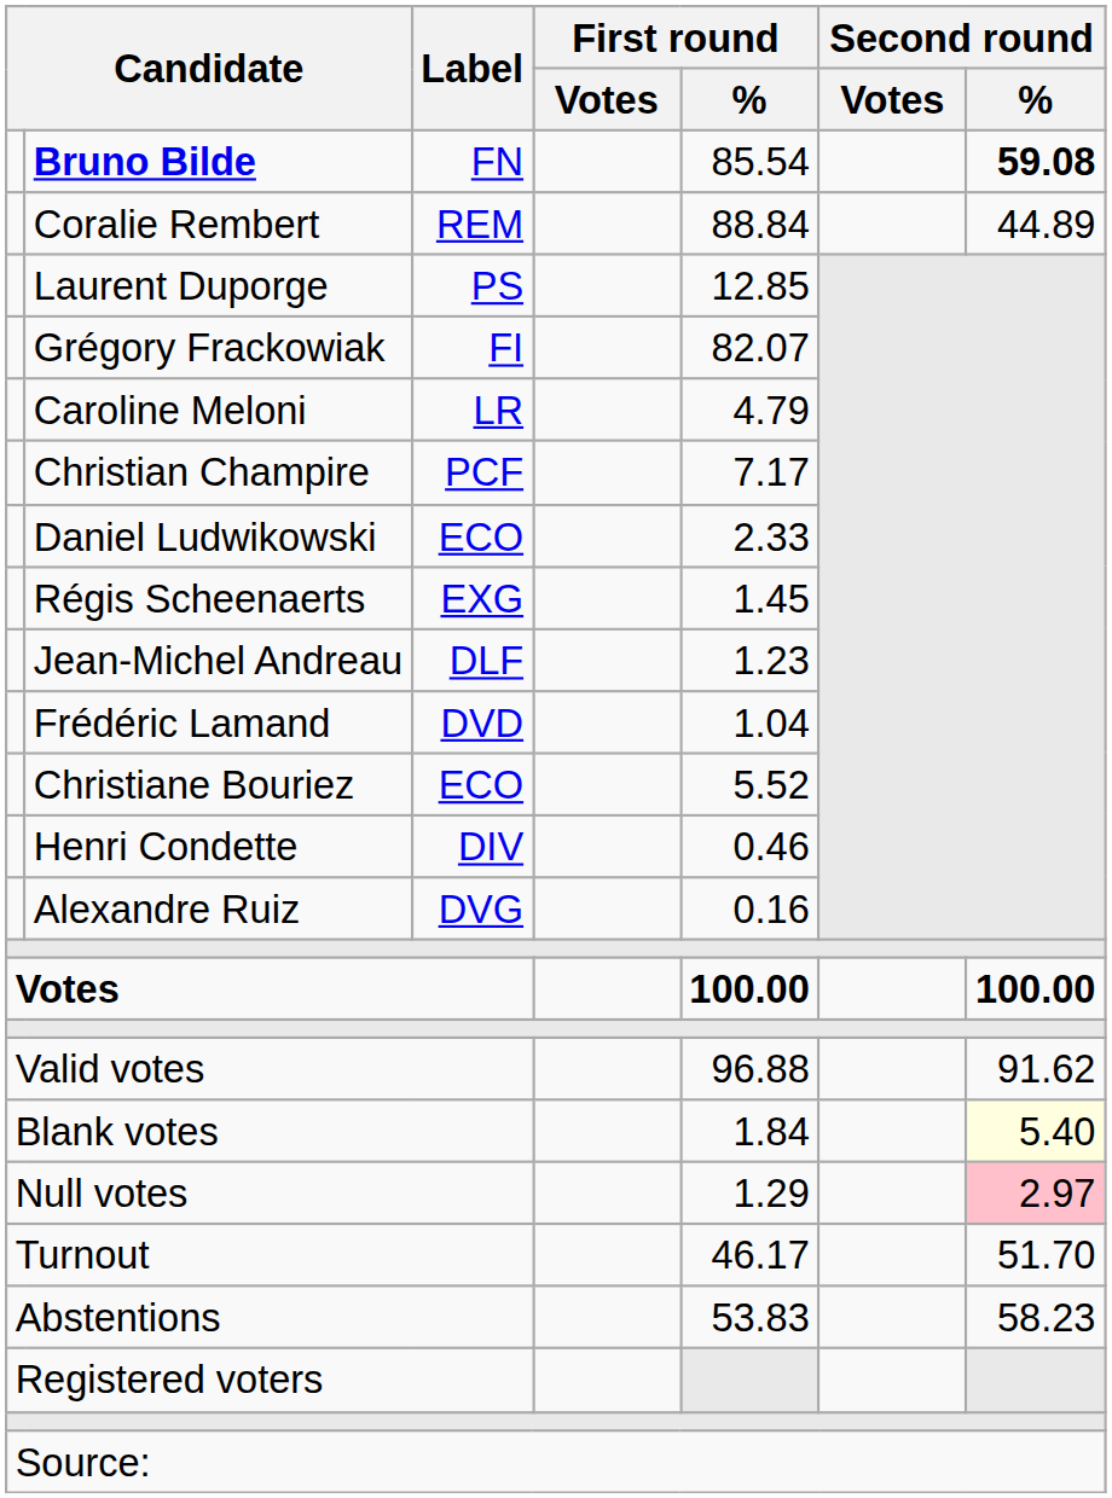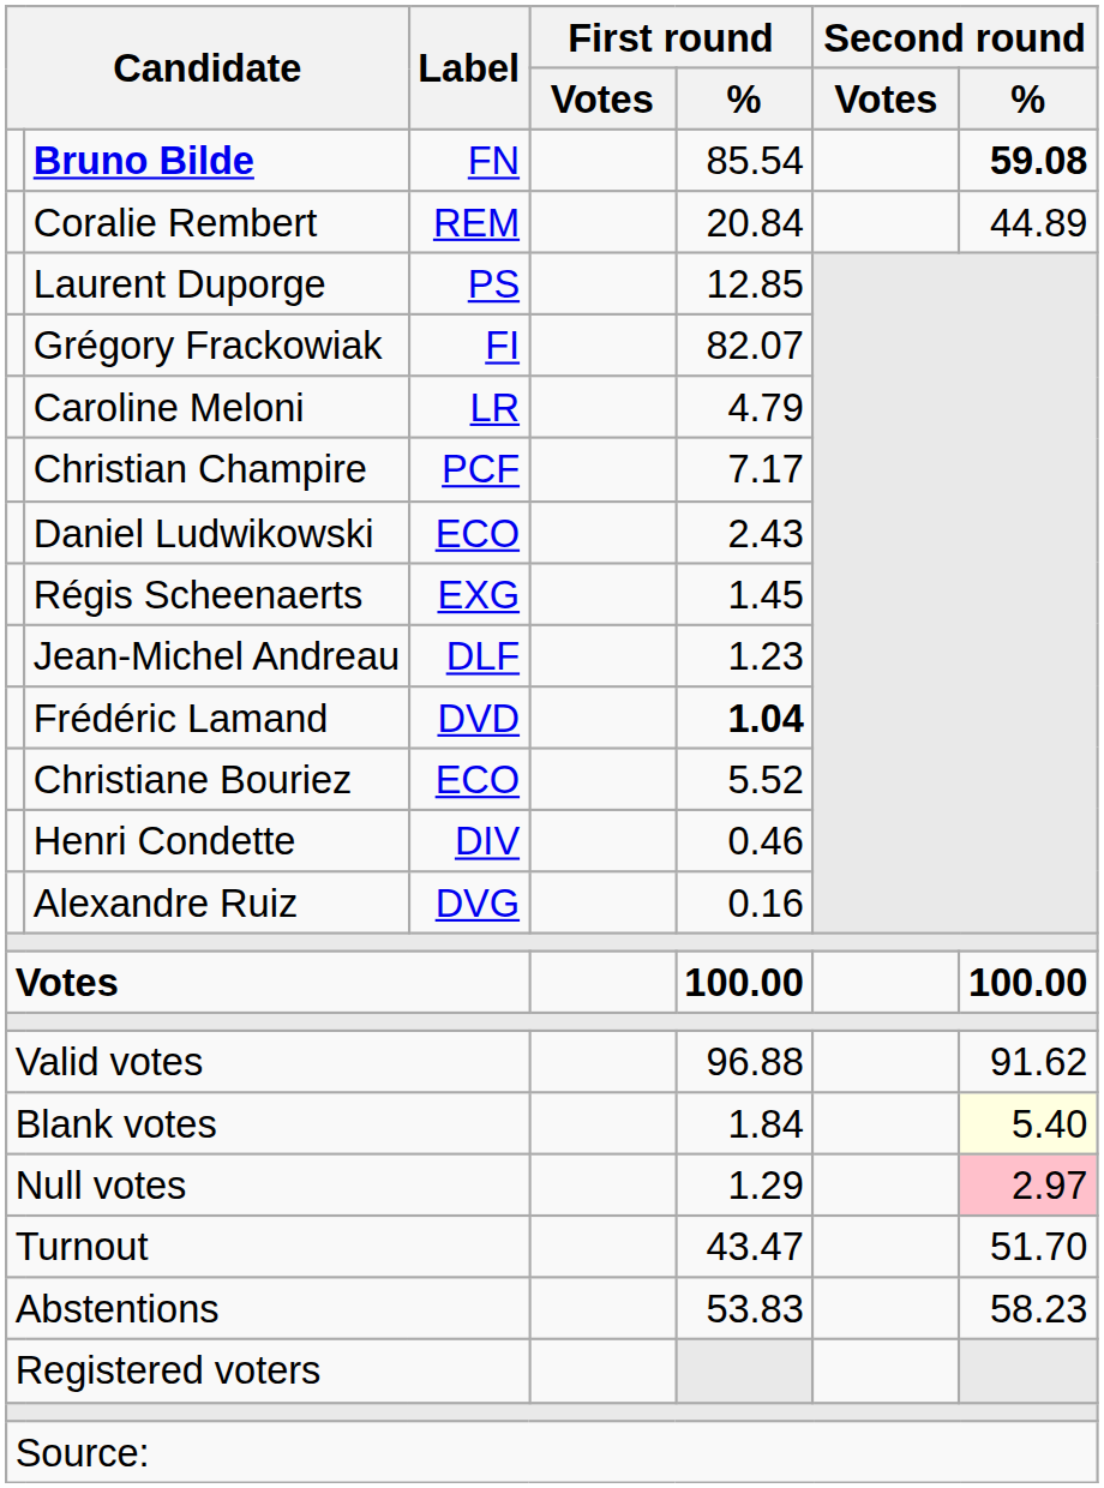 <table class="wikitable" style="text-align:right;font-size:95%;">
 <tr>
 <th rowspan="2" colspan="2">Candidate</th>
 <th rowspan="2">Label</th>
 <th colspan="2">First round</th>
 <th colspan="2">Second round</th>
 </tr>
 <tr>
 <th style="width:50px;">Votes</th>
 <th style="width:45px;">%</th>
 <th style="width:50px;">Votes</th>
 <th style="width:45px;">%</th>
 </tr>
 <tr>
 <td style="color:inherit;background:"></td>
 <td style="text-align:left;"><strong><a href='#'>Bruno Bilde</a></strong></td>
 <td><a href='#'>FN</a></td>
 <td></td>
 <td>85.54</td>
 <td><strong></strong></td>
 <td><strong>59.08</strong></td>
 </tr>
 <tr>
 <td style="color:inherit;background:"></td>
 <td style="text-align:left;">Coralie Rembert</td>
 <td><a href='#'>REM</a></td>
 <td></td>
-<td>88.84</td>
+<td>20.84</td>
 <td></td>
 <td>44.89</td>
 </tr>
 <tr>
 <td style="color:inherit;background:"></td>
 <td style="text-align:left;">Laurent Duporge</td>
 <td><a href='#'>PS</a></td>
 <td></td>
 <td>12.85</td>
 <td colspan="2" rowspan="11" style="background:#E9E9E9;"></td>
 </tr>
 <tr>
 <td style="color:inherit;background:"></td>
 <td style="text-align:left;">Grégory Frackowiak</td>
 <td><a href='#'>FI</a></td>
 <td></td>
 <td>82.07</td>
 </tr>
 <tr>
 <td style="color:inherit;background:"></td>
 <td style="text-align:left;">Caroline Meloni</td>
 <td><a href='#'>LR</a></td>
 <td></td>
 <td>4.79</td>
 </tr>
 <tr>
 <td style="color:inherit;background:"></td>
 <td style="text-align:left;">Christian Champire</td>
 <td><a href='#'>PCF</a></td>
 <td></td>
 <td>7.17</td>
 </tr>
 <tr>
 <td style="color:inherit;background:"></td>
 <td style="text-align:left;">Daniel Ludwikowski</td>
 <td><a href='#'>ECO</a></td>
 <td></td>
-<td>2.33</td>
+<td>2.43</td>
 </tr>
 <tr>
 <td style="color:inherit;background:"></td>
 <td style="text-align:left;">Régis Scheenaerts</td>
 <td><a href='#'>EXG</a></td>
 <td></td>
 <td>1.45</td>
 </tr>
 <tr>
 <td style="color:inherit;background:"></td>
 <td style="text-align:left;">Jean-Michel Andreau</td>
 <td><a href='#'>DLF</a></td>
 <td></td>
 <td>1.23</td>
 </tr>
 <tr>
 <td style="color:inherit;background:"></td>
 <td style="text-align:left;">Frédéric Lamand</td>
 <td><a href='#'>DVD</a></td>
 <td></td>
-<td>1.04</td>
+<td><strong>1.04</strong></td>
 </tr>
 <tr>
 <td style="color:inherit;background:"></td>
 <td style="text-align:left;">Christiane Bouriez</td>
 <td><a href='#'>ECO</a></td>
 <td></td>
 <td>5.52</td>
 </tr>
 <tr>
 <td style="color:inherit;background:"></td>
 <td style="text-align:left;">Henri Condette</td>
 <td><a href='#'>DIV</a></td>
 <td></td>
 <td>0.46</td>
 </tr>
 <tr>
 <td style="color:inherit;background:"></td>
 <td style="text-align:left;">Alexandre Ruiz</td>
 <td><a href='#'>DVG</a></td>
 <td></td>
 <td>0.16</td>
 </tr>
 <tr>
 <td colspan="7" style="background:#E9E9E9;"></td>
 </tr>
 <tr style="font-weight:bold;">
 <td colspan="3" style="text-align:left;">Votes</td>
 <td></td>
 <td>100.00</td>
 <td></td>
 <td>100.00</td>
 </tr>
 <tr>
 <td colspan="7" style="background:#E9E9E9;"></td>
 </tr>
 <tr>
 <td colspan="3" style="text-align:left;">Valid votes</td>
 <td></td>
 <td>96.88</td>
 <td></td>
 <td>91.62</td>
 </tr>
 <tr>
 <td colspan="3" style="text-align:left;">Blank votes</td>
 <td></td>
 <td>1.84</td>
 <td></td>
 <td style="background: lightyellow;">5.40</td>
 </tr>
 <tr>
 <td colspan="3" style="text-align:left;">Null votes</td>
 <td></td>
 <td>1.29</td>
 <td></td>
 <td style="background: pink;">2.97</td>
 </tr>
 <tr>
 <td colspan="3" style="text-align:left;">Turnout</td>
 <td></td>
-<td>46.17</td>
+<td>43.47</td>
 <td></td>
 <td>51.70</td>
 </tr>
 <tr>
 <td colspan="3" style="text-align:left;">Abstentions</td>
 <td></td>
 <td>53.83</td>
 <td></td>
 <td>58.23</td>
 </tr>
 <tr>
 <td colspan="3" style="text-align:left;">Registered voters</td>
 <td></td>
 <td style="background:#E9E9E9;"></td>
 <td></td>
 <td style="background:#E9E9E9;"></td>
 </tr>
 <tr>
 <td colspan="7" style="background:#E9E9E9;"></td>
 </tr>
 <tr>
 <td colspan="7" style="text-align:left;">Source: </td>
 </tr>
 </table>
